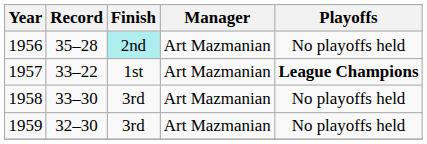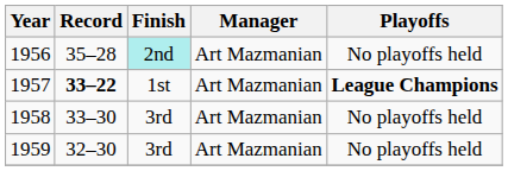 <table class="wikitable">
 <tr style="background: #F2F2F2;">
 <th>Year</th>
 <th>Record</th>
 <th>Finish</th>
 <th>Manager</th>
 <th>Playoffs</th>
 </tr>
 <tr align=center>
 <td>1956</td>
 <td>35–28</td>
 <td style="background: paleturquoise;">2nd</td>
 <td>Art Mazmanian</td>
 <td>No playoffs held</td>
 </tr>
 <tr align=center>
 <td>1957</td>
-<td>33–22</td>
+<td><strong>33–22</strong></td>
 <td>1st</td>
 <td>Art Mazmanian</td>
 <td><strong>League Champions</strong></td>
 </tr>
 <tr align=center>
 <td>1958</td>
 <td>33–30</td>
 <td>3rd</td>
 <td>Art Mazmanian</td>
 <td>No playoffs held</td>
 </tr>
 <tr align=center>
 <td>1959</td>
 <td>32–30</td>
 <td>3rd</td>
 <td>Art Mazmanian</td>
 <td>No playoffs held</td>
 </tr>
 <tr align=center>
 </tr>
 </table>
